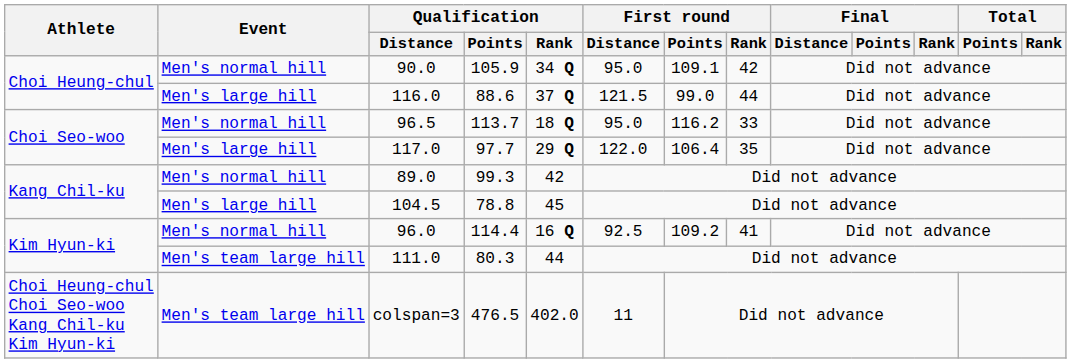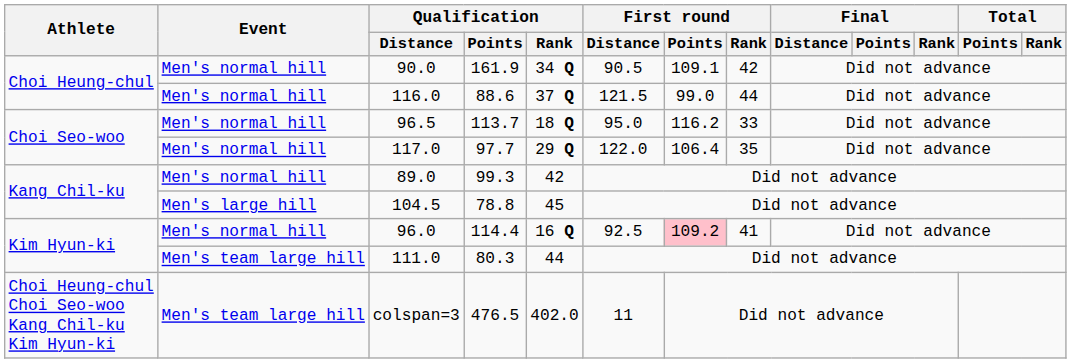 <table class="wikitable" style="font-size:90%">
 <tr>
 <th rowspan=2>Athlete</th>
 <th rowspan=2>Event</th>
 <th colspan=3>Qualification</th>
 <th colspan=3>First round</th>
 <th colspan=3>Final</th>
 <th colspan=2>Total</th>
 </tr>
 <tr style="font-size:95%">
 <th>Distance</th>
 <th>Points</th>
 <th>Rank</th>
 <th>Distance</th>
 <th>Points</th>
 <th>Rank</th>
 <th>Distance</th>
 <th>Points</th>
 <th>Rank</th>
 <th>Points</th>
 <th>Rank</th>
 </tr>
 <tr align=center>
 <td align=left rowspan=2><a href='#'>Choi Heung-chul</a></td>
 <td align=left><a href='#'>Men's normal hill</a></td>
 <td>90.0</td>
-<td>105.9</td>
+<td>161.9</td>
 <td>34 <strong>Q</strong></td>
-<td>95.0</td>
+<td>90.5</td>
 <td>109.1</td>
 <td>42</td>
 <td colspan=5>Did not advance</td>
 </tr>
 <tr align=center>
-<td align=left><a href='#'>Men's large hill</a></td>
+<td align=left><a href='#'>Men's normal hill</a></td>
 <td>116.0</td>
 <td>88.6</td>
 <td>37 <strong>Q</strong></td>
 <td>121.5</td>
 <td>99.0</td>
 <td>44</td>
 <td colspan=5>Did not advance</td>
 </tr>
 <tr align=center>
 <td align=left rowspan=2><a href='#'>Choi Seo-woo</a></td>
 <td align=left><a href='#'>Men's normal hill</a></td>
 <td>96.5</td>
 <td>113.7</td>
 <td>18 <strong>Q</strong></td>
 <td>95.0</td>
 <td>116.2</td>
 <td>33</td>
 <td colspan=5>Did not advance</td>
 </tr>
 <tr align=center>
-<td align=left><a href='#'>Men's large hill</a></td>
+<td align=left><a href='#'>Men's normal hill</a></td>
 <td>117.0</td>
 <td>97.7</td>
 <td>29 <strong>Q</strong></td>
 <td>122.0</td>
 <td>106.4</td>
 <td>35</td>
 <td colspan=5>Did not advance</td>
 </tr>
 <tr align=center>
 <td align=left rowspan=2><a href='#'>Kang Chil-ku</a></td>
 <td align=left><a href='#'>Men's normal hill</a></td>
 <td>89.0</td>
 <td>99.3</td>
 <td>42</td>
 <td colspan=8>Did not advance</td>
 </tr>
 <tr align=center>
 <td align=left><a href='#'>Men's large hill</a></td>
 <td>104.5</td>
 <td>78.8</td>
 <td>45</td>
 <td colspan=8>Did not advance</td>
 </tr>
 <tr align=center>
 <td align=left rowspan=2><a href='#'>Kim Hyun-ki</a></td>
 <td align=left><a href='#'>Men's normal hill</a></td>
 <td>96.0</td>
 <td>114.4</td>
 <td>16 <strong>Q</strong></td>
 <td>92.5</td>
-<td>109.2</td>
+<td style="background: pink;">109.2</td>
 <td>41</td>
 <td colspan=5>Did not advance</td>
 </tr>
 <tr align=center>
 <td align=left><a href='#'>Men's team large hill</a></td>
 <td>111.0</td>
 <td>80.3</td>
 <td>44</td>
 <td colspan=8>Did not advance</td>
 </tr>
 <tr align=center>
 <td align=left><a href='#'>Choi Heung-chul</a><br><a href='#'>Choi Seo-woo</a><br><a href='#'>Kang Chil-ku</a><br><a href='#'>Kim Hyun-ki</a></td>
 <td align=left><a href='#'>Men's team large hill</a></td>
 <td>colspan=3 </td>
 <td>476.5</td>
 <td>402.0</td>
 <td>11</td>
 <td colspan=5>Did not advance</td>
 </tr>
 </table>
